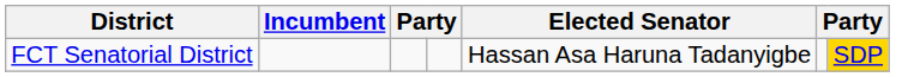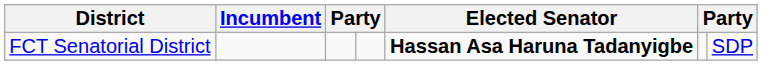 <table class="sortable wikitable" style="font-size:95%;line-height:14px;">
 <tr>
 <th class="unsortable">District</th>
 <th class="unsortable"><a href='#'>Incumbent</a></th>
 <th colspan="2">Party</th>
 <th class="unsortable">Elected Senator</th>
 <th colspan="2">Party</th>
 </tr>
 <tr>
 <td><a href='#'>FCT Senatorial District</a></td>
 <td></td>
 <td></td>
 <td></td>
-<td>Hassan Asa Haruna Tadanyigbe</td>
+<td><strong>Hassan Asa Haruna Tadanyigbe</strong></td>
 <td style="background:"></td>
-<td style="background: gold;"><a href='#'>SDP</a></td>
+<td><a href='#'>SDP</a></td>
 </tr>
 </table>
